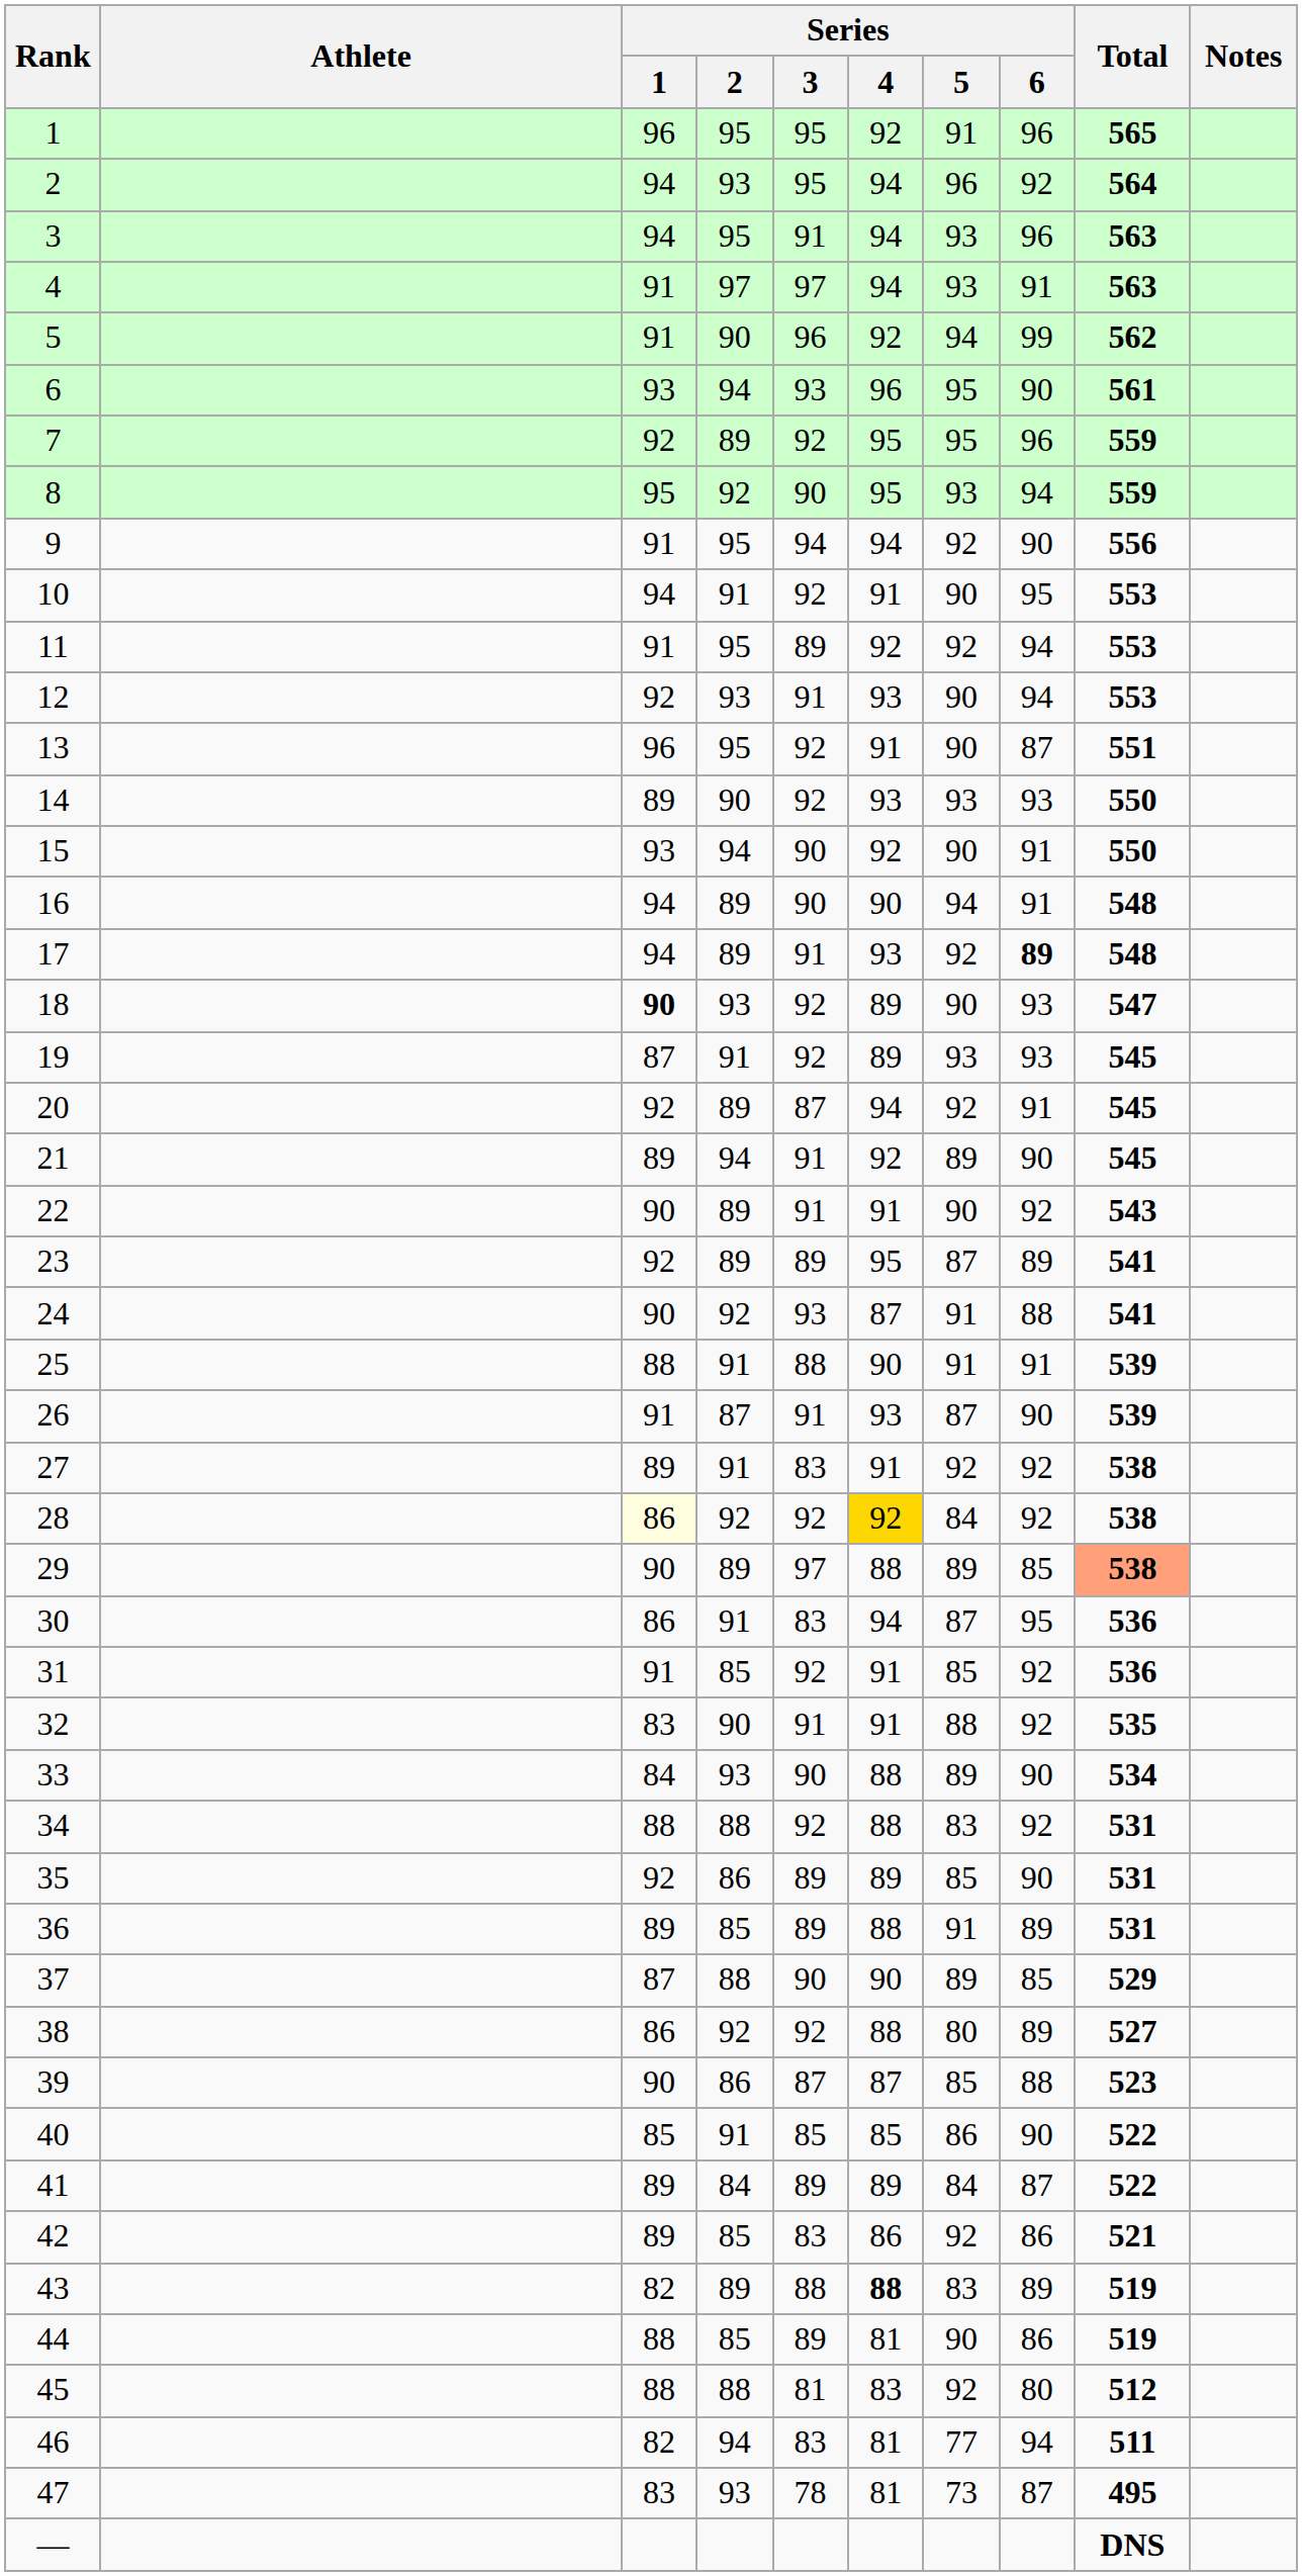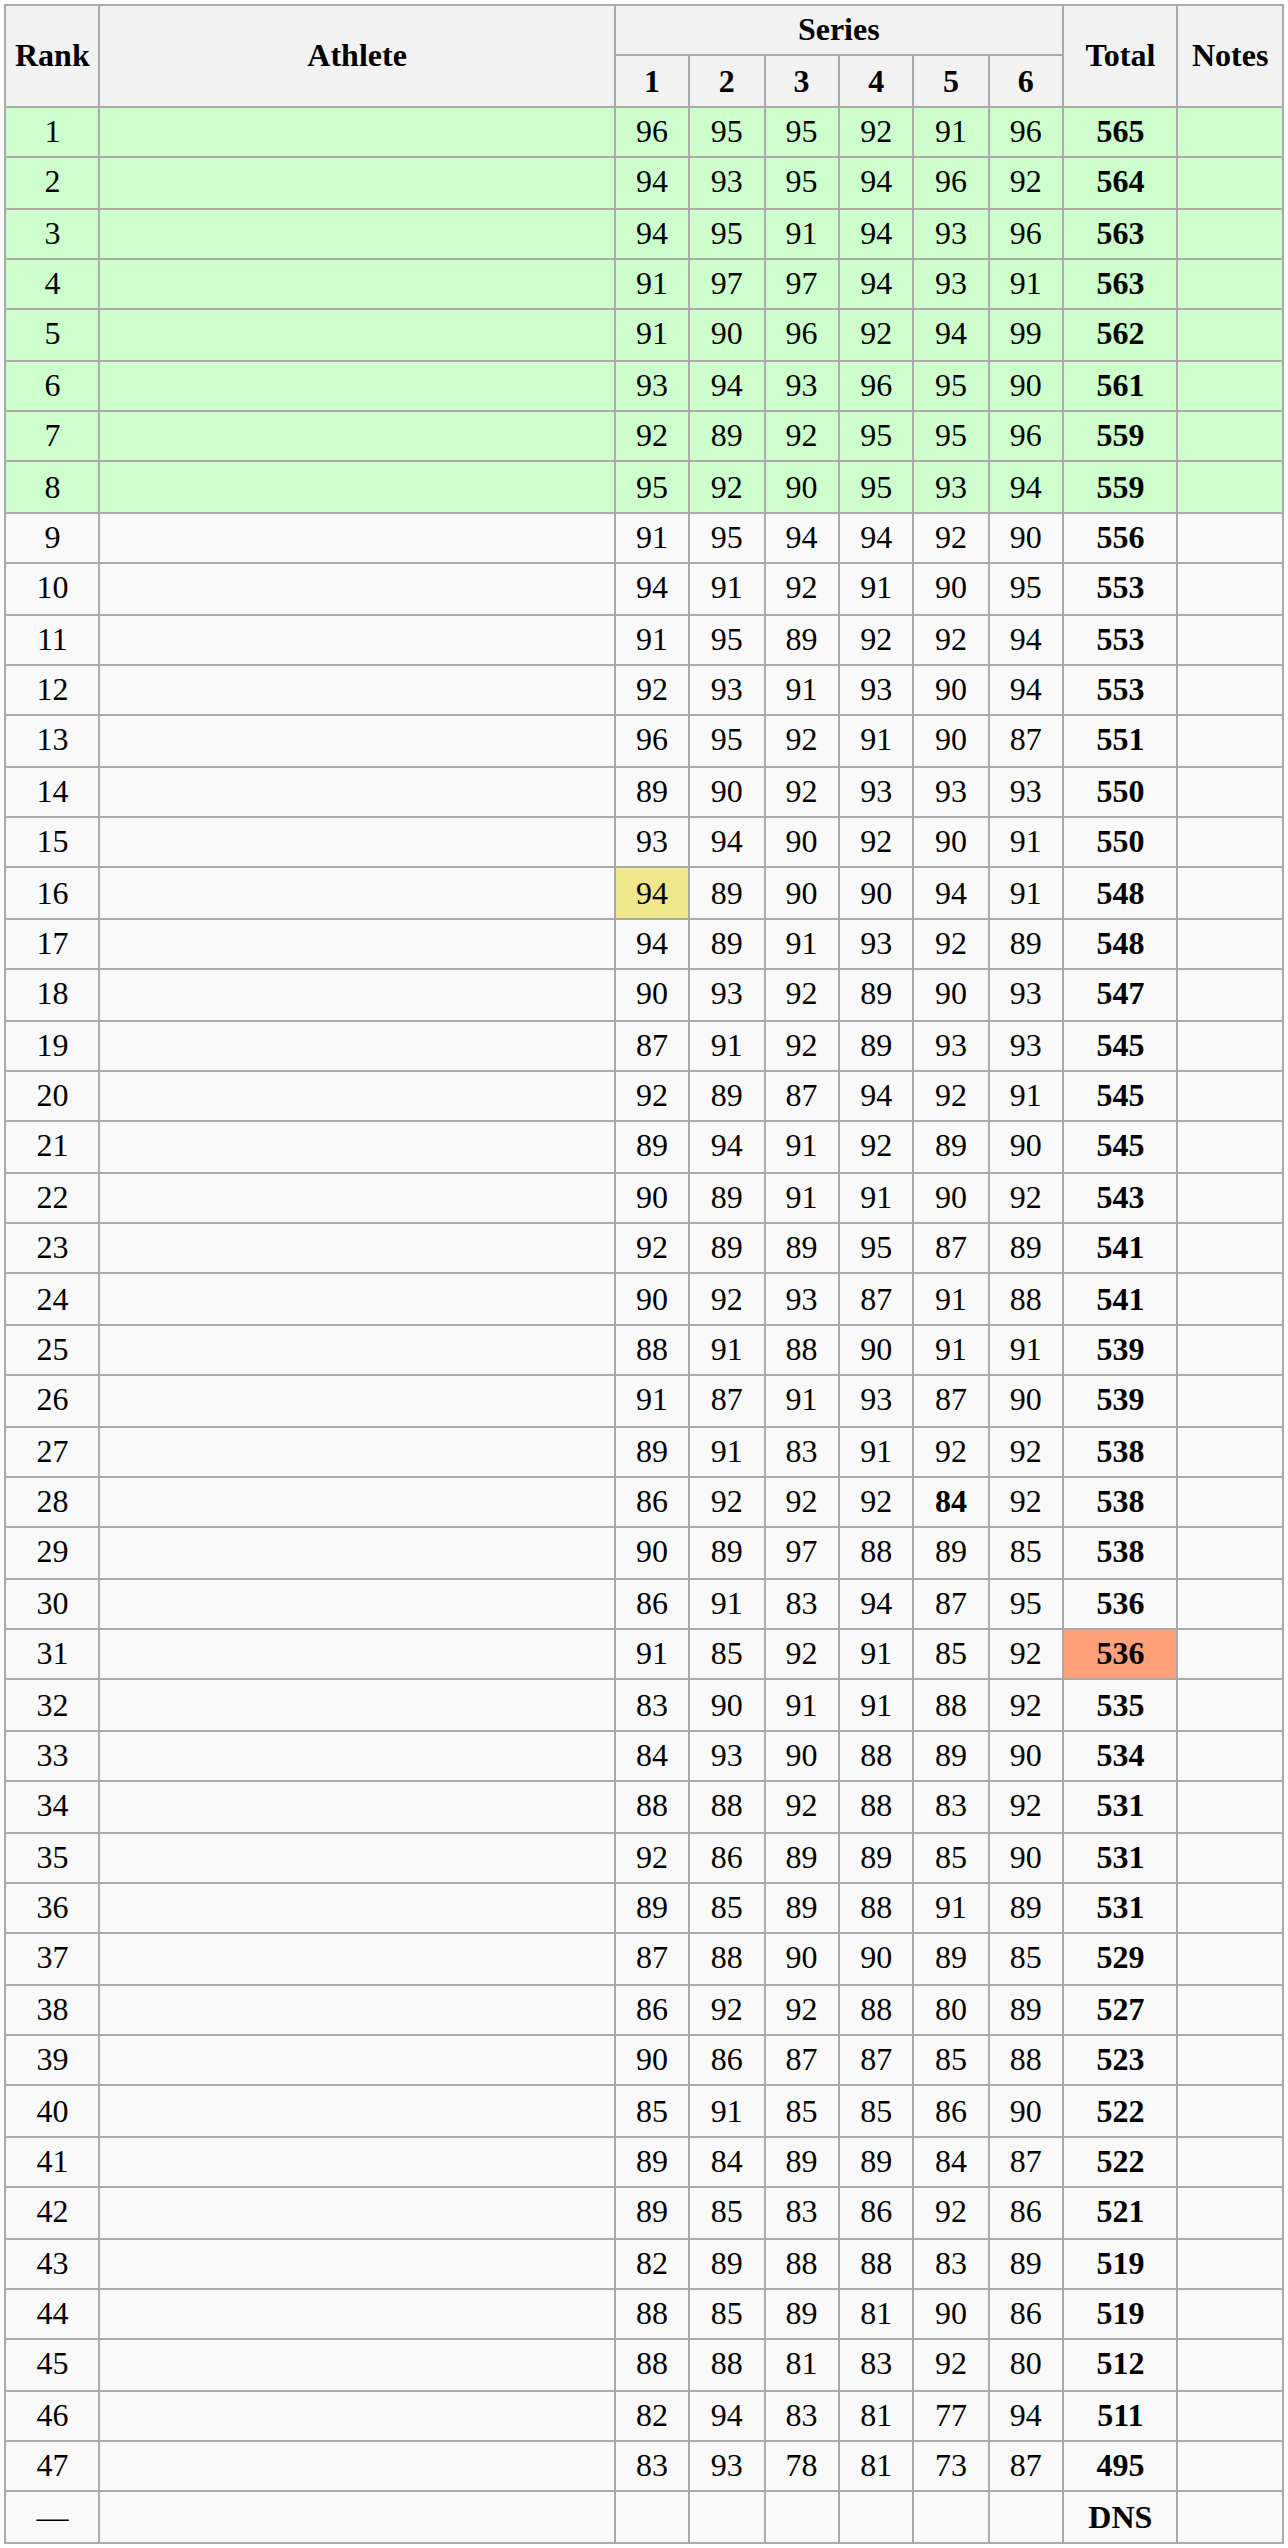 <table class="wikitable" style="text-align:center">
 <tr>
 <th rowspan=2 width=40>Rank</th>
 <th rowspan=2 width=250>Athlete</th>
 <th colspan=6>Series</th>
 <th rowspan=2 width=50>Total</th>
 <th rowspan=2 width=45>Notes</th>
 </tr>
 <tr>
 <th width=30>1</th>
 <th width=30>2</th>
 <th width=30>3</th>
 <th width=30>4</th>
 <th width=30>5</th>
 <th width=30>6</th>
 </tr>
 <tr bgcolor=ccffcc>
 <td>1</td>
 <td align=left></td>
 <td>96</td>
 <td>95</td>
 <td>95</td>
 <td>92</td>
 <td>91</td>
 <td>96</td>
 <td><strong>565</strong></td>
 <td></td>
 </tr>
 <tr bgcolor=ccffcc>
 <td>2</td>
 <td align=left></td>
 <td>94</td>
 <td>93</td>
 <td>95</td>
 <td>94</td>
 <td>96</td>
 <td>92</td>
 <td><strong>564</strong></td>
 <td></td>
 </tr>
 <tr bgcolor=ccffcc>
 <td>3</td>
 <td align=left></td>
 <td>94</td>
 <td>95</td>
 <td>91</td>
 <td>94</td>
 <td>93</td>
 <td>96</td>
 <td><strong>563</strong></td>
 <td></td>
 </tr>
 <tr bgcolor=ccffcc>
 <td>4</td>
 <td align=left></td>
 <td>91</td>
 <td>97</td>
 <td>97</td>
 <td>94</td>
 <td>93</td>
 <td>91</td>
 <td><strong>563</strong></td>
 <td></td>
 </tr>
 <tr bgcolor=ccffcc>
 <td>5</td>
 <td align=left></td>
 <td>91</td>
 <td>90</td>
 <td>96</td>
 <td>92</td>
 <td>94</td>
 <td>99</td>
 <td><strong>562</strong></td>
 <td></td>
 </tr>
 <tr bgcolor=ccffcc>
 <td>6</td>
 <td align=left></td>
 <td>93</td>
 <td>94</td>
 <td>93</td>
 <td>96</td>
 <td>95</td>
 <td>90</td>
 <td><strong>561</strong></td>
 <td></td>
 </tr>
 <tr bgcolor=ccffcc>
 <td>7</td>
 <td align=left></td>
 <td>92</td>
 <td>89</td>
 <td>92</td>
 <td>95</td>
 <td>95</td>
 <td>96</td>
 <td><strong>559</strong></td>
 <td></td>
 </tr>
 <tr bgcolor=ccffcc>
 <td>8</td>
 <td align=left></td>
 <td>95</td>
 <td>92</td>
 <td>90</td>
 <td>95</td>
 <td>93</td>
 <td>94</td>
 <td><strong>559</strong></td>
 <td></td>
 </tr>
 <tr>
 <td>9</td>
 <td align=left></td>
 <td>91</td>
 <td>95</td>
 <td>94</td>
 <td>94</td>
 <td>92</td>
 <td>90</td>
 <td><strong>556</strong></td>
 <td></td>
 </tr>
 <tr>
 <td>10</td>
 <td align=left></td>
 <td>94</td>
 <td>91</td>
 <td>92</td>
 <td>91</td>
 <td>90</td>
 <td>95</td>
 <td><strong>553</strong></td>
 <td></td>
 </tr>
 <tr>
 <td>11</td>
 <td align=left></td>
 <td>91</td>
 <td>95</td>
 <td>89</td>
 <td>92</td>
 <td>92</td>
 <td>94</td>
 <td><strong>553</strong></td>
 <td></td>
 </tr>
 <tr>
 <td>12</td>
 <td align=left></td>
 <td>92</td>
 <td>93</td>
 <td>91</td>
 <td>93</td>
 <td>90</td>
 <td>94</td>
 <td><strong>553</strong></td>
 <td></td>
 </tr>
 <tr>
 <td>13</td>
 <td align=left></td>
 <td>96</td>
 <td>95</td>
 <td>92</td>
 <td>91</td>
 <td>90</td>
 <td>87</td>
 <td><strong>551</strong></td>
 <td></td>
 </tr>
 <tr>
 <td>14</td>
 <td align=left></td>
 <td>89</td>
 <td>90</td>
 <td>92</td>
 <td>93</td>
 <td>93</td>
 <td>93</td>
 <td><strong>550</strong></td>
 <td></td>
 </tr>
 <tr>
 <td>15</td>
 <td align=left></td>
 <td>93</td>
 <td>94</td>
 <td>90</td>
 <td>92</td>
 <td>90</td>
 <td>91</td>
 <td><strong>550</strong></td>
 <td></td>
 </tr>
 <tr>
 <td>16</td>
 <td align=left></td>
-<td>94</td>
+<td style="background: khaki;">94</td>
 <td>89</td>
 <td>90</td>
 <td>90</td>
 <td>94</td>
 <td>91</td>
 <td><strong>548</strong></td>
 <td></td>
 </tr>
 <tr>
 <td>17</td>
 <td align=left></td>
 <td>94</td>
 <td>89</td>
 <td>91</td>
 <td>93</td>
 <td>92</td>
-<td><strong>89</strong></td>
+<td>89</td>
 <td><strong>548</strong></td>
 <td></td>
 </tr>
 <tr>
 <td>18</td>
 <td align=left></td>
-<td><strong>90</strong></td>
+<td>90</td>
 <td>93</td>
 <td>92</td>
 <td>89</td>
 <td>90</td>
 <td>93</td>
 <td><strong>547</strong></td>
 <td></td>
 </tr>
 <tr>
 <td>19</td>
 <td align=left></td>
 <td>87</td>
 <td>91</td>
 <td>92</td>
 <td>89</td>
 <td>93</td>
 <td>93</td>
 <td><strong>545</strong></td>
 <td></td>
 </tr>
 <tr>
 <td>20</td>
 <td align=left></td>
 <td>92</td>
 <td>89</td>
 <td>87</td>
 <td>94</td>
 <td>92</td>
 <td>91</td>
 <td><strong>545</strong></td>
 <td></td>
 </tr>
 <tr>
 <td>21</td>
 <td align=left></td>
 <td>89</td>
 <td>94</td>
 <td>91</td>
 <td>92</td>
 <td>89</td>
 <td>90</td>
 <td><strong>545</strong></td>
 <td></td>
 </tr>
 <tr>
 <td>22</td>
 <td align=left></td>
 <td>90</td>
 <td>89</td>
 <td>91</td>
 <td>91</td>
 <td>90</td>
 <td>92</td>
 <td><strong>543</strong></td>
 <td></td>
 </tr>
 <tr>
 <td>23</td>
 <td align=left></td>
 <td>92</td>
 <td>89</td>
 <td>89</td>
 <td>95</td>
 <td>87</td>
 <td>89</td>
 <td><strong>541</strong></td>
 <td></td>
 </tr>
 <tr>
 <td>24</td>
 <td align=left></td>
 <td>90</td>
 <td>92</td>
 <td>93</td>
 <td>87</td>
 <td>91</td>
 <td>88</td>
 <td><strong>541</strong></td>
 <td></td>
 </tr>
 <tr>
 <td>25</td>
 <td align=left></td>
 <td>88</td>
 <td>91</td>
 <td>88</td>
 <td>90</td>
 <td>91</td>
 <td>91</td>
 <td><strong>539</strong></td>
 <td></td>
 </tr>
 <tr>
 <td>26</td>
 <td align=left></td>
 <td>91</td>
 <td>87</td>
 <td>91</td>
 <td>93</td>
 <td>87</td>
 <td>90</td>
 <td><strong>539</strong></td>
 <td></td>
 </tr>
 <tr>
 <td>27</td>
 <td align=left></td>
 <td>89</td>
 <td>91</td>
 <td>83</td>
 <td>91</td>
 <td>92</td>
 <td>92</td>
 <td><strong>538</strong></td>
 <td></td>
 </tr>
 <tr>
 <td>28</td>
 <td align=left></td>
-<td style="background: lightyellow;">86</td>
+<td>86</td>
 <td>92</td>
 <td>92</td>
-<td style="background: gold;">92</td>
-<td>84</td>
+<td>92</td>
+<td><strong>84</strong></td>
 <td>92</td>
 <td><strong>538</strong></td>
 <td></td>
 </tr>
 <tr>
 <td>29</td>
 <td align=left></td>
 <td>90</td>
 <td>89</td>
 <td>97</td>
 <td>88</td>
 <td>89</td>
 <td>85</td>
-<td style="background: lightsalmon;"><strong>538</strong></td>
+<td><strong>538</strong></td>
 <td></td>
 </tr>
 <tr>
 <td>30</td>
 <td align=left></td>
 <td>86</td>
 <td>91</td>
 <td>83</td>
 <td>94</td>
 <td>87</td>
 <td>95</td>
 <td><strong>536</strong></td>
 <td></td>
 </tr>
 <tr>
 <td>31</td>
 <td align=left></td>
 <td>91</td>
 <td>85</td>
 <td>92</td>
 <td>91</td>
 <td>85</td>
 <td>92</td>
-<td><strong>536</strong></td>
+<td style="background: lightsalmon;"><strong>536</strong></td>
 <td></td>
 </tr>
 <tr>
 <td>32</td>
 <td align=left></td>
 <td>83</td>
 <td>90</td>
 <td>91</td>
 <td>91</td>
 <td>88</td>
 <td>92</td>
 <td><strong>535</strong></td>
 <td></td>
 </tr>
 <tr>
 <td>33</td>
 <td align=left></td>
 <td>84</td>
 <td>93</td>
 <td>90</td>
 <td>88</td>
 <td>89</td>
 <td>90</td>
 <td><strong>534</strong></td>
 <td></td>
 </tr>
 <tr>
 <td>34</td>
 <td align=left></td>
 <td>88</td>
 <td>88</td>
 <td>92</td>
 <td>88</td>
 <td>83</td>
 <td>92</td>
 <td><strong>531</strong></td>
 <td></td>
 </tr>
 <tr>
 <td>35</td>
 <td align=left></td>
 <td>92</td>
 <td>86</td>
 <td>89</td>
 <td>89</td>
 <td>85</td>
 <td>90</td>
 <td><strong>531</strong></td>
 <td></td>
 </tr>
 <tr>
 <td>36</td>
 <td align=left></td>
 <td>89</td>
 <td>85</td>
 <td>89</td>
 <td>88</td>
 <td>91</td>
 <td>89</td>
 <td><strong>531</strong></td>
 <td></td>
 </tr>
 <tr>
 <td>37</td>
 <td align=left></td>
 <td>87</td>
 <td>88</td>
 <td>90</td>
 <td>90</td>
 <td>89</td>
 <td>85</td>
 <td><strong>529</strong></td>
 <td></td>
 </tr>
 <tr>
 <td>38</td>
 <td align=left></td>
 <td>86</td>
 <td>92</td>
 <td>92</td>
 <td>88</td>
 <td>80</td>
 <td>89</td>
 <td><strong>527</strong></td>
 <td></td>
 </tr>
 <tr>
 <td>39</td>
 <td align=left></td>
 <td>90</td>
 <td>86</td>
 <td>87</td>
 <td>87</td>
 <td>85</td>
 <td>88</td>
 <td><strong>523</strong></td>
 <td></td>
 </tr>
 <tr>
 <td>40</td>
 <td align=left></td>
 <td>85</td>
 <td>91</td>
 <td>85</td>
 <td>85</td>
 <td>86</td>
 <td>90</td>
 <td><strong>522</strong></td>
 <td></td>
 </tr>
 <tr>
 <td>41</td>
 <td align=left></td>
 <td>89</td>
 <td>84</td>
 <td>89</td>
 <td>89</td>
 <td>84</td>
 <td>87</td>
 <td><strong>522</strong></td>
 <td></td>
 </tr>
 <tr>
 <td>42</td>
 <td align=left></td>
 <td>89</td>
 <td>85</td>
 <td>83</td>
 <td>86</td>
 <td>92</td>
 <td>86</td>
 <td><strong>521</strong></td>
 <td></td>
 </tr>
 <tr>
 <td>43</td>
 <td align=left></td>
 <td>82</td>
 <td>89</td>
 <td>88</td>
-<td><strong>88</strong></td>
+<td>88</td>
 <td>83</td>
 <td>89</td>
 <td><strong>519</strong></td>
 <td></td>
 </tr>
 <tr>
 <td>44</td>
 <td align=left></td>
 <td>88</td>
 <td>85</td>
 <td>89</td>
 <td>81</td>
 <td>90</td>
 <td>86</td>
 <td><strong>519</strong></td>
 <td></td>
 </tr>
 <tr>
 <td>45</td>
 <td align=left></td>
 <td>88</td>
 <td>88</td>
 <td>81</td>
 <td>83</td>
 <td>92</td>
 <td>80</td>
 <td><strong>512</strong></td>
 <td></td>
 </tr>
 <tr>
 <td>46</td>
 <td align=left></td>
 <td>82</td>
 <td>94</td>
 <td>83</td>
 <td>81</td>
 <td>77</td>
 <td>94</td>
 <td><strong>511</strong></td>
 <td></td>
 </tr>
 <tr>
 <td>47</td>
 <td align=left></td>
 <td>83</td>
 <td>93</td>
 <td>78</td>
 <td>81</td>
 <td>73</td>
 <td>87</td>
 <td><strong>495</strong></td>
 <td></td>
 </tr>
 <tr>
 <td>—</td>
 <td align=left></td>
 <td></td>
 <td></td>
 <td></td>
 <td></td>
 <td></td>
 <td></td>
 <td><strong>DNS</strong></td>
 <td></td>
 </tr>
 </table>
